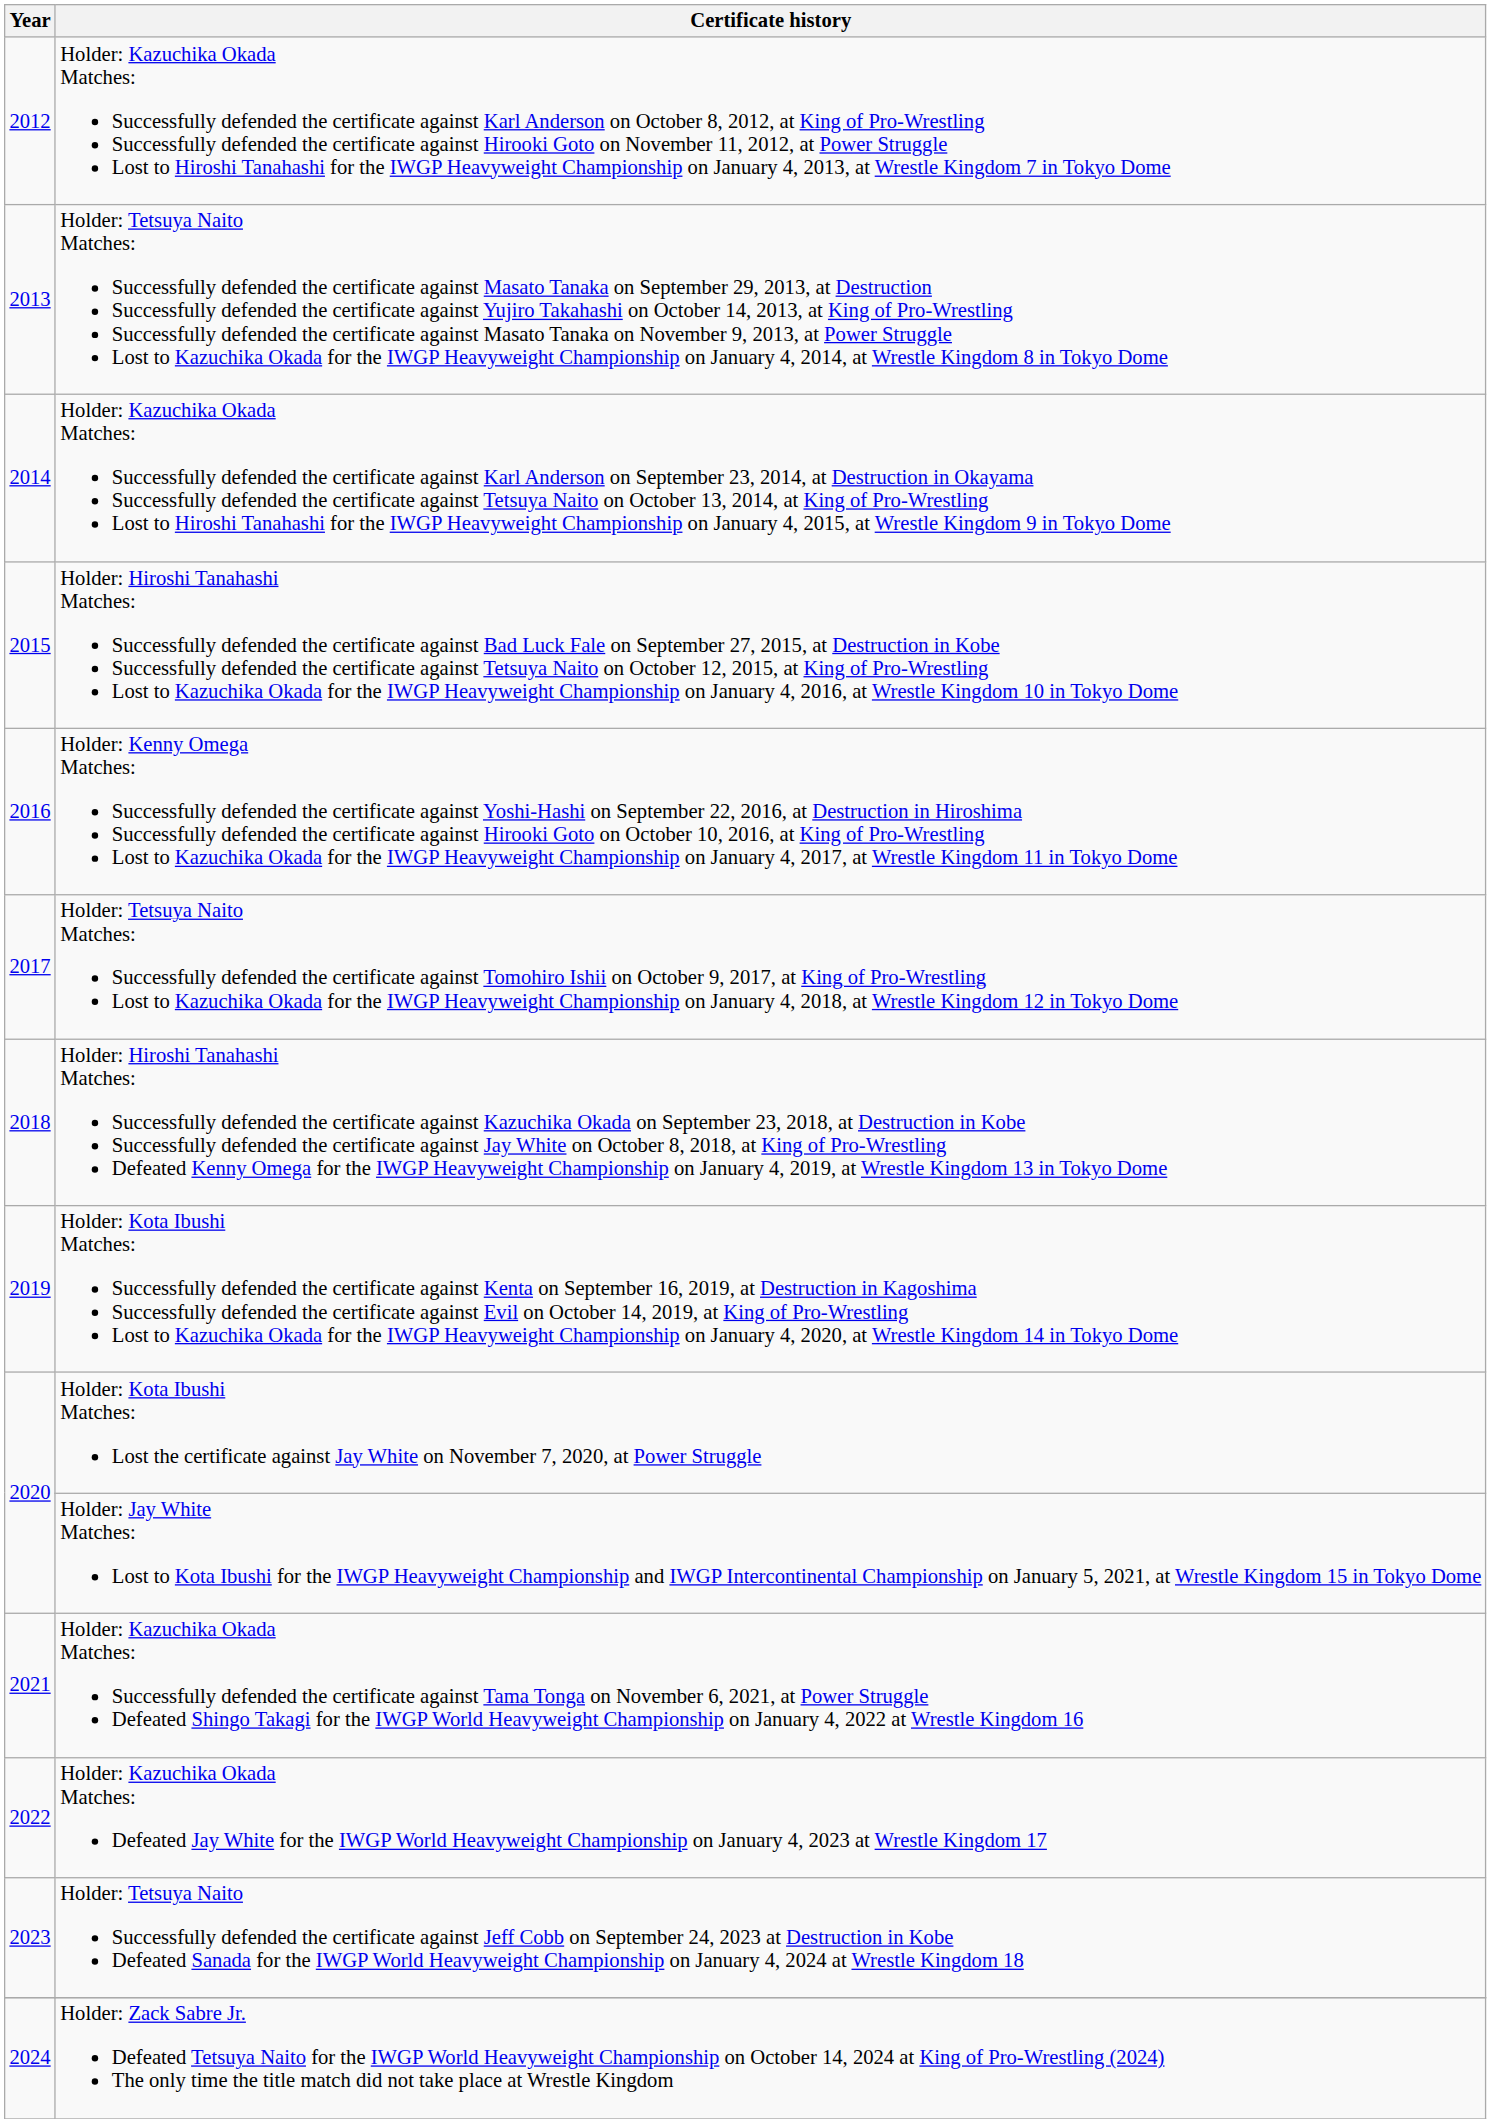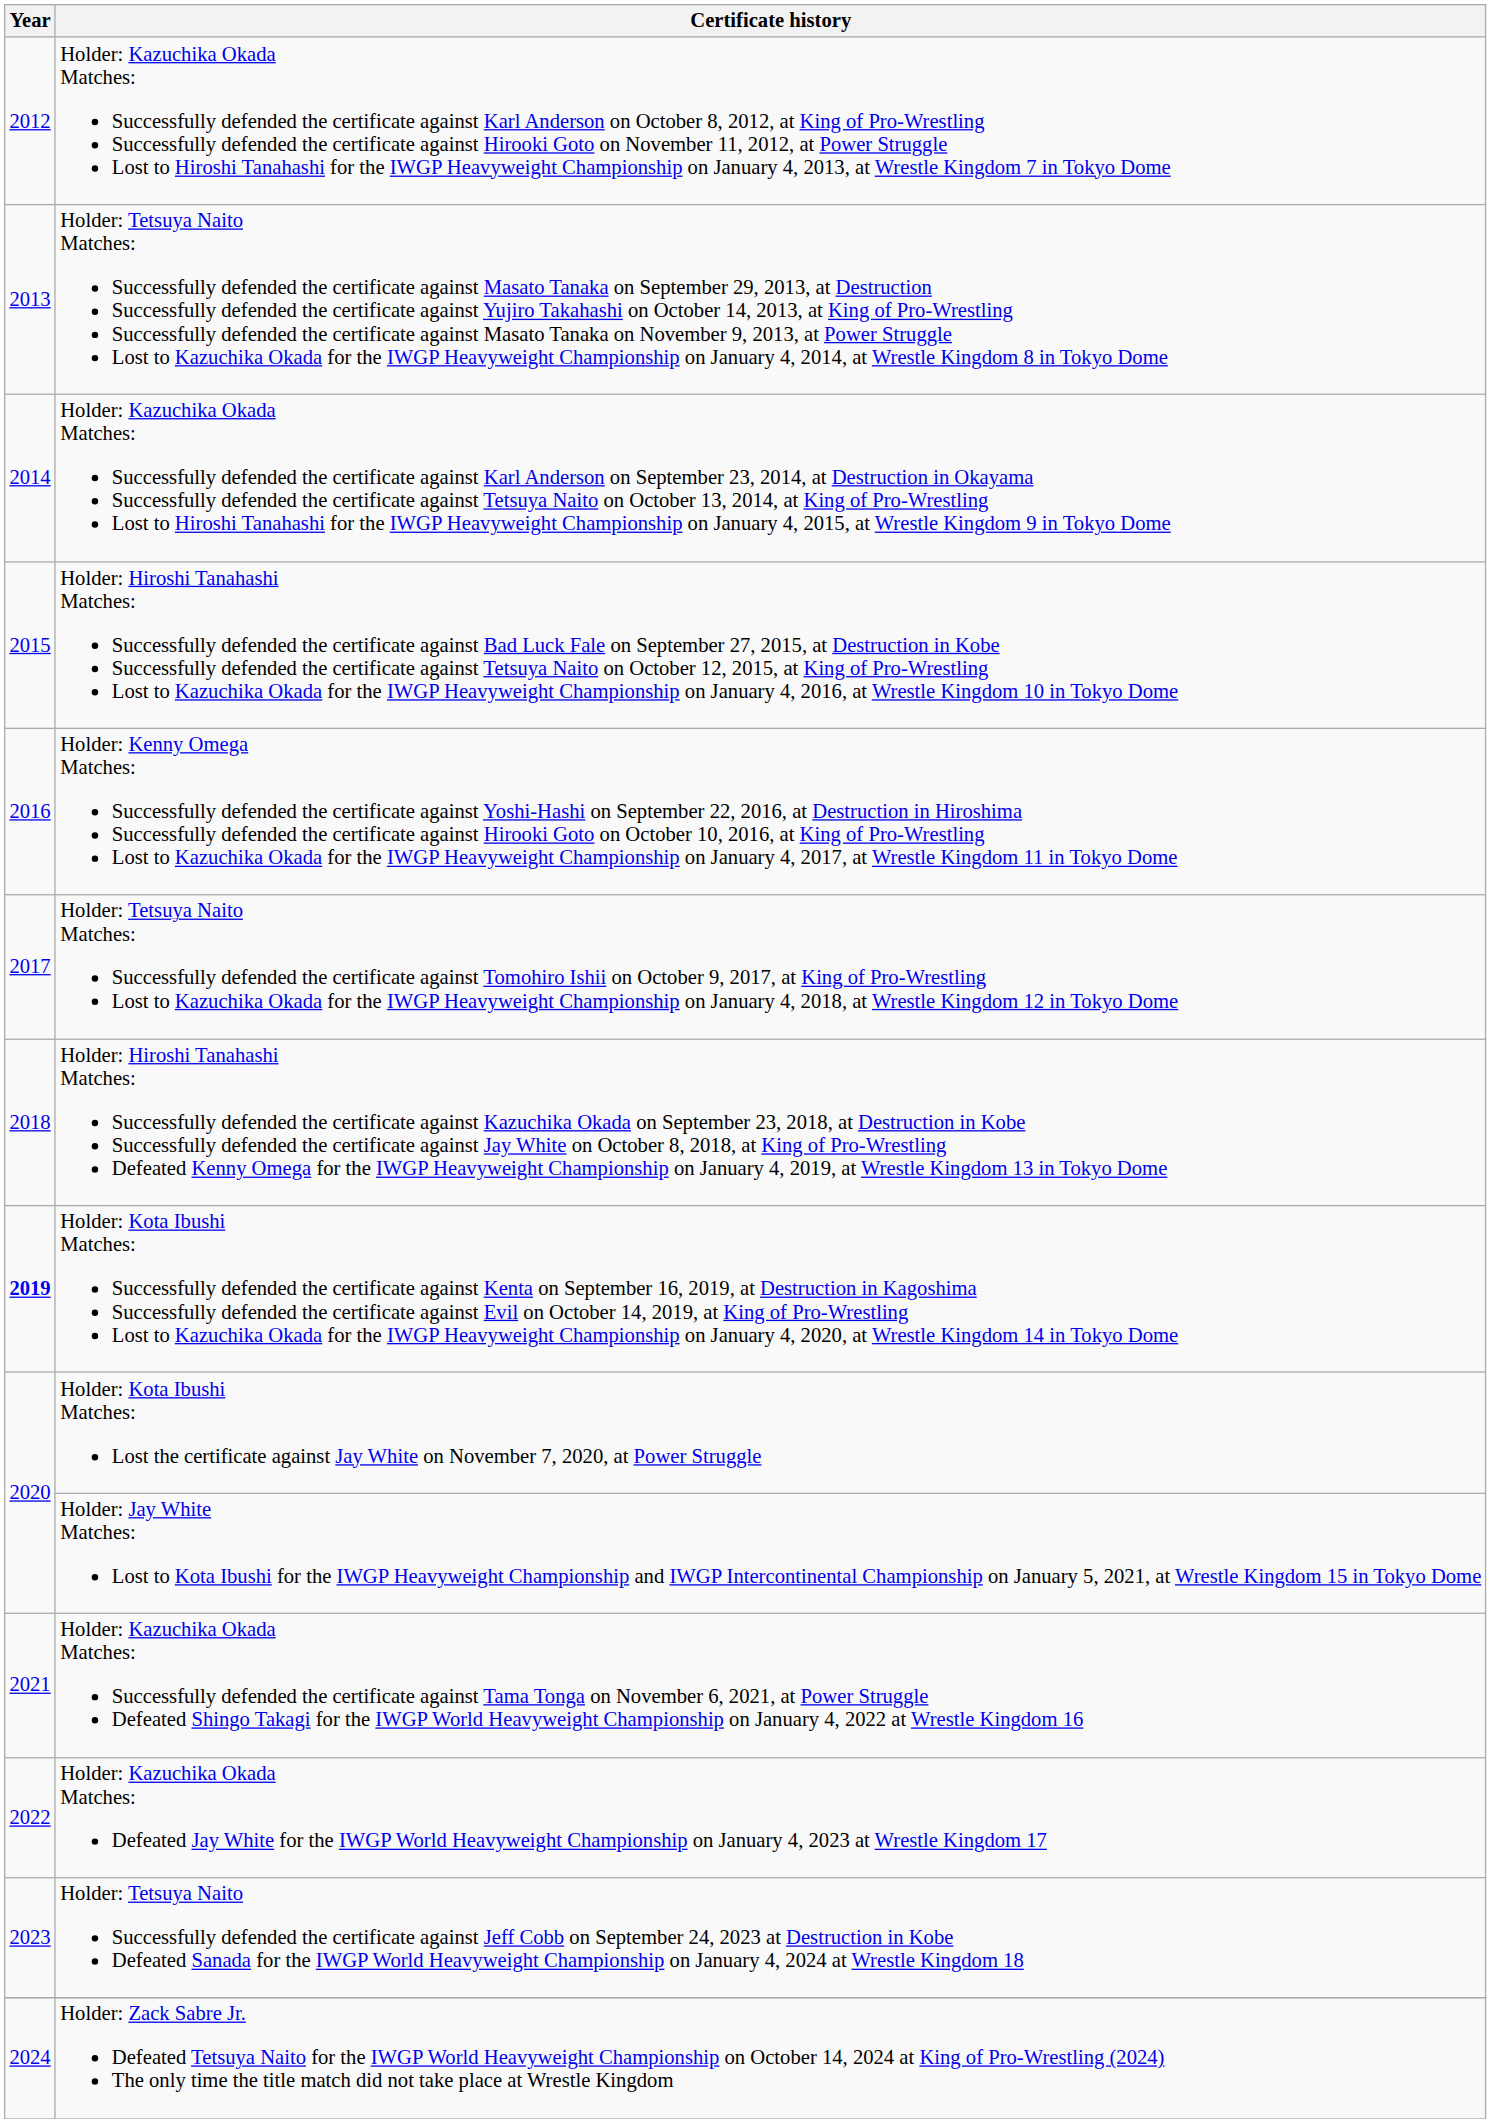 <table class="wikitable">
 <tr>
 <th>Year</th>
 <th>Certificate history</th>
 </tr>
 <tr>
 <td><a href='#'>2012</a></td>
 <td>Holder: <a href='#'>Kazuchika Okada</a><br>Matches:<br><ul><li>Successfully defended the certificate against <a href='#'>Karl Anderson</a> on October 8, 2012, at <a href='#'>King of Pro-Wrestling</a></li><li>Successfully defended the certificate against <a href='#'>Hirooki Goto</a> on November 11, 2012, at <a href='#'>Power Struggle</a></li><li>Lost to <a href='#'>Hiroshi Tanahashi</a> for the <a href='#'>IWGP Heavyweight Championship</a> on January 4, 2013, at <a href='#'>Wrestle Kingdom 7 in Tokyo Dome</a></li></ul></td>
 </tr>
 <tr>
 <td><a href='#'>2013</a></td>
 <td>Holder: <a href='#'>Tetsuya Naito</a><br>Matches:<br><ul><li>Successfully defended the certificate against <a href='#'>Masato Tanaka</a> on September 29, 2013, at <a href='#'>Destruction</a></li><li>Successfully defended the certificate against <a href='#'>Yujiro Takahashi</a> on October 14, 2013, at <a href='#'>King of Pro-Wrestling</a></li><li>Successfully defended the certificate against Masato Tanaka on November 9, 2013, at <a href='#'>Power Struggle</a></li><li>Lost to <a href='#'>Kazuchika Okada</a> for the <a href='#'>IWGP Heavyweight Championship</a> on January 4, 2014, at <a href='#'>Wrestle Kingdom 8 in Tokyo Dome</a></li></ul></td>
 </tr>
 <tr>
 <td><a href='#'>2014</a></td>
 <td>Holder: <a href='#'>Kazuchika Okada</a><br>Matches:<br><ul><li>Successfully defended the certificate against <a href='#'>Karl Anderson</a> on September 23, 2014, at <a href='#'>Destruction in Okayama</a></li><li>Successfully defended the certificate against <a href='#'>Tetsuya Naito</a> on October 13, 2014, at <a href='#'>King of Pro-Wrestling</a></li><li>Lost to <a href='#'>Hiroshi Tanahashi</a> for the <a href='#'>IWGP Heavyweight Championship</a> on January 4, 2015, at <a href='#'>Wrestle Kingdom 9 in Tokyo Dome</a></li></ul></td>
 </tr>
 <tr>
 <td><a href='#'>2015</a></td>
 <td>Holder: <a href='#'>Hiroshi Tanahashi</a><br>Matches:<br><ul><li>Successfully defended the certificate against <a href='#'>Bad Luck Fale</a> on September 27, 2015, at <a href='#'>Destruction in Kobe</a></li><li>Successfully defended the certificate against <a href='#'>Tetsuya Naito</a> on October 12, 2015, at <a href='#'>King of Pro-Wrestling</a></li><li>Lost to <a href='#'>Kazuchika Okada</a> for the <a href='#'>IWGP Heavyweight Championship</a> on January 4, 2016, at <a href='#'>Wrestle Kingdom 10 in Tokyo Dome</a></li></ul></td>
 </tr>
 <tr>
 <td><a href='#'>2016</a></td>
 <td>Holder: <a href='#'>Kenny Omega</a><br>Matches:<br><ul><li>Successfully defended the certificate against <a href='#'>Yoshi-Hashi</a> on September 22, 2016, at <a href='#'>Destruction in Hiroshima</a></li><li>Successfully defended the certificate against <a href='#'>Hirooki Goto</a> on October 10, 2016, at <a href='#'>King of Pro-Wrestling</a></li><li>Lost to <a href='#'>Kazuchika Okada</a> for the <a href='#'>IWGP Heavyweight Championship</a> on January 4, 2017, at <a href='#'>Wrestle Kingdom 11 in Tokyo Dome</a></li></ul></td>
 </tr>
 <tr>
 <td><a href='#'>2017</a></td>
 <td>Holder: <a href='#'>Tetsuya Naito</a><br>Matches:<br><ul><li>Successfully defended the certificate against <a href='#'>Tomohiro Ishii</a> on October 9, 2017, at <a href='#'>King of Pro-Wrestling</a></li><li>Lost to <a href='#'>Kazuchika Okada</a> for the <a href='#'>IWGP Heavyweight Championship</a> on January 4, 2018, at <a href='#'>Wrestle Kingdom 12 in Tokyo Dome</a></li></ul></td>
 </tr>
 <tr>
 <td><a href='#'>2018</a></td>
 <td>Holder: <a href='#'>Hiroshi Tanahashi</a><br>Matches:<br><ul><li>Successfully defended the certificate against <a href='#'>Kazuchika Okada</a> on September 23, 2018, at <a href='#'>Destruction in Kobe</a></li><li>Successfully defended the certificate against <a href='#'>Jay White</a> on October 8, 2018, at <a href='#'>King of Pro-Wrestling</a></li><li>Defeated <a href='#'>Kenny Omega</a> for the <a href='#'>IWGP Heavyweight Championship</a> on January 4, 2019, at <a href='#'>Wrestle Kingdom 13 in Tokyo Dome</a></li></ul></td>
 </tr>
 <tr>
-<td><a href='#'>2019</a></td>
+<td><strong><a href='#'>2019</a></strong></td>
 <td>Holder: <a href='#'>Kota Ibushi</a><br>Matches:<br><ul><li>Successfully defended the certificate against <a href='#'>Kenta</a> on September 16, 2019, at <a href='#'>Destruction in Kagoshima</a></li><li>Successfully defended the certificate against <a href='#'>Evil</a> on October 14, 2019, at <a href='#'>King of Pro-Wrestling</a></li><li>Lost to <a href='#'>Kazuchika Okada</a> for the <a href='#'>IWGP Heavyweight Championship</a> on January 4, 2020, at <a href='#'>Wrestle Kingdom 14 in Tokyo Dome</a></li></ul></td>
 </tr>
 <tr>
 <td rowspan=2><a href='#'>2020</a></td>
 <td>Holder: <a href='#'>Kota Ibushi</a><br>Matches:<br><ul><li>Lost the certificate against <a href='#'>Jay White</a> on November 7, 2020, at <a href='#'>Power Struggle</a></li></ul></td>
 </tr>
 <tr>
 <td>Holder: <a href='#'>Jay White</a><br>Matches:<br><ul><li>Lost to <a href='#'>Kota Ibushi</a> for the <a href='#'>IWGP Heavyweight Championship</a> and <a href='#'>IWGP Intercontinental Championship</a> on January 5, 2021, at <a href='#'>Wrestle Kingdom 15 in Tokyo Dome</a></li></ul></td>
 </tr>
 <tr>
 <td><a href='#'>2021</a></td>
 <td>Holder: <a href='#'>Kazuchika Okada</a><br>Matches:<br><ul><li>Successfully defended the certificate against <a href='#'>Tama Tonga</a> on November 6, 2021, at <a href='#'>Power Struggle</a></li><li>Defeated <a href='#'>Shingo Takagi</a> for the <a href='#'>IWGP World Heavyweight Championship</a> on January 4, 2022 at <a href='#'>Wrestle Kingdom 16</a></li></ul></td>
 </tr>
 <tr>
 <td><a href='#'>2022</a></td>
 <td>Holder: <a href='#'>Kazuchika Okada</a><br>Matches:<br><ul><li>Defeated <a href='#'>Jay White</a> for the <a href='#'>IWGP World Heavyweight Championship</a> on January 4, 2023 at <a href='#'>Wrestle Kingdom 17</a></li></ul></td>
 </tr>
 <tr>
 <td><a href='#'>2023</a></td>
 <td>Holder: <a href='#'>Tetsuya Naito</a><br><ul><li>Successfully defended the certificate against <a href='#'>Jeff Cobb</a> on September 24, 2023 at <a href='#'>Destruction in Kobe</a></li><li>Defeated <a href='#'>Sanada</a> for the <a href='#'>IWGP World Heavyweight Championship</a> on January 4, 2024 at <a href='#'>Wrestle Kingdom 18</a></li></ul></td>
 </tr>
 <tr>
 </tr>
 <tr>
 <td><a href='#'>2024</a></td>
 <td>Holder: <a href='#'>Zack Sabre Jr.</a><br><ul><li>Defeated <a href='#'>Tetsuya Naito</a> for the <a href='#'>IWGP World Heavyweight Championship</a> on October 14, 2024 at <a href='#'>King of Pro-Wrestling (2024)</a></li><li>The only time the title match did not take place at Wrestle Kingdom</li></ul></td>
 </tr>
 </table>
